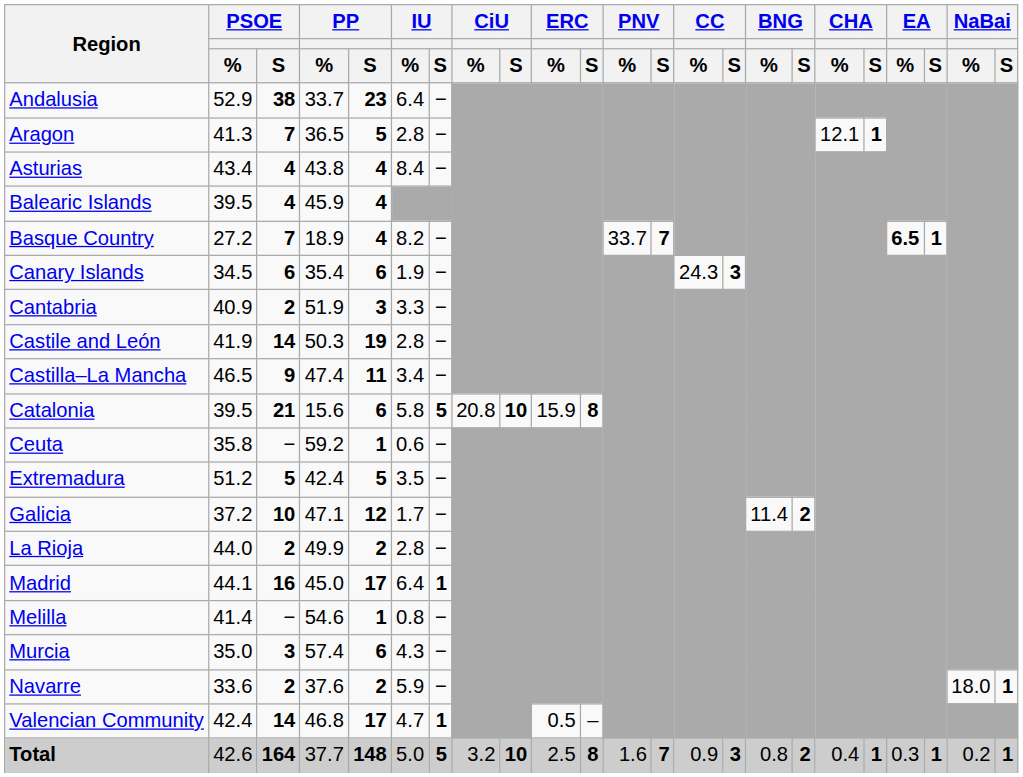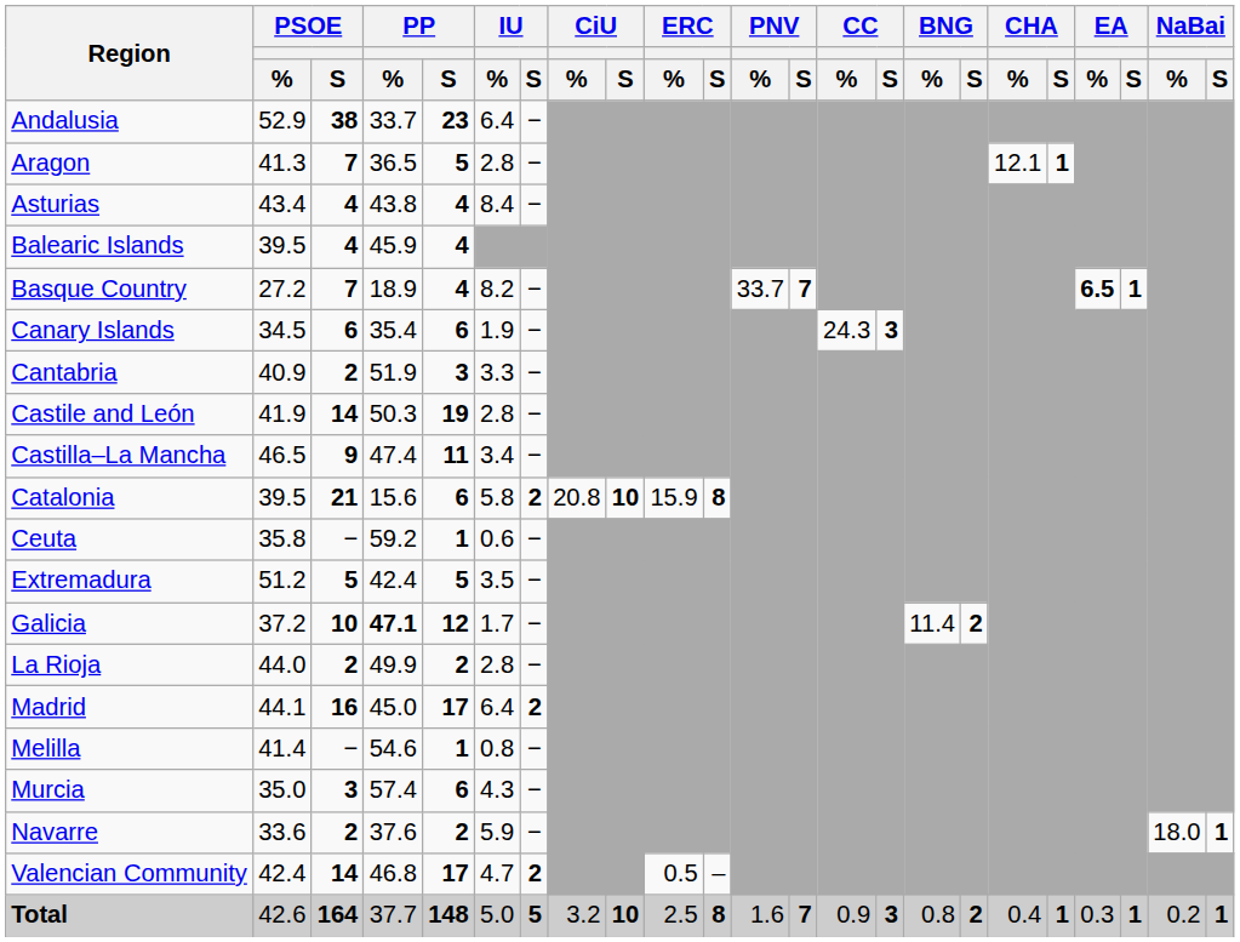 <table class="wikitable sortable" style="text-align:right; line-height:20px;">
 <tr>
 <th rowspan="3">Region</th>
 <th colspan="2" width="30px" class="unsortable"><a href='#'>PSOE</a></th>
 <th colspan="2" width="30px" class="unsortable"><a href='#'>PP</a></th>
 <th colspan="2" width="30px" class="unsortable"><a href='#'>IU</a></th>
 <th colspan="2" width="30px" class="unsortable"><a href='#'>CiU</a></th>
 <th colspan="2" width="30px" class="unsortable"><a href='#'>ERC</a></th>
 <th colspan="2" width="30px" class="unsortable"><a href='#'>PNV</a></th>
 <th colspan="2" width="30px" class="unsortable"><a href='#'>CC</a></th>
 <th colspan="2" width="30px" class="unsortable"><a href='#'>BNG</a></th>
 <th colspan="2" width="30px" class="unsortable"><a href='#'>CHA</a></th>
 <th colspan="2" width="30px" class="unsortable"><a href='#'>EA</a></th>
 <th colspan="2" width="30px" class="unsortable"><a href='#'>NaBai</a></th>
 </tr>
 <tr>
 <th colspan="2" style="background:"></th>
 <th colspan="2" style="background:"></th>
 <th colspan="2" style="background:"></th>
 <th colspan="2" style="background:"></th>
 <th colspan="2" style="background:"></th>
 <th colspan="2" style="background:"></th>
 <th colspan="2" style="background:"></th>
 <th colspan="2" style="background:"></th>
 <th colspan="2" style="background:"></th>
 <th colspan="2" style="background:"></th>
 <th colspan="2" style="background:"></th>
 </tr>
 <tr>
 <th data-sort-type="number">%</th>
 <th data-sort-type="number">S</th>
 <th data-sort-type="number">%</th>
 <th data-sort-type="number">S</th>
 <th data-sort-type="number">%</th>
 <th data-sort-type="number">S</th>
 <th data-sort-type="number">%</th>
 <th data-sort-type="number">S</th>
 <th data-sort-type="number">%</th>
 <th data-sort-type="number">S</th>
 <th data-sort-type="number">%</th>
 <th data-sort-type="number">S</th>
 <th data-sort-type="number">%</th>
 <th data-sort-type="number">S</th>
 <th data-sort-type="number">%</th>
 <th data-sort-type="number">S</th>
 <th data-sort-type="number">%</th>
 <th data-sort-type="number">S</th>
 <th data-sort-type="number">%</th>
 <th data-sort-type="number">S</th>
 <th data-sort-type="number">%</th>
 <th data-sort-type="number">S</th>
 </tr>
 <tr>
 <td align="left"><a href='#'>Andalusia</a></td>
 <td style="background:">52.9</td>
 <td><strong>38</strong></td>
 <td>33.7</td>
 <td><strong>23</strong></td>
 <td>6.4</td>
 <td>−</td>
 <td colspan="2" rowspan="9" bgcolor="#AAAAAA"></td>
 <td colspan="2" rowspan="9" bgcolor="#AAAAAA"></td>
 <td colspan="2" rowspan="4" bgcolor="#AAAAAA"></td>
 <td colspan="2" rowspan="5" bgcolor="#AAAAAA"></td>
 <td colspan="2" rowspan="12" bgcolor="#AAAAAA"></td>
 <td colspan="2" bgcolor="#AAAAAA"></td>
 <td colspan="2" rowspan="4" bgcolor="#AAAAAA"></td>
 <td colspan="2" rowspan="17" bgcolor="#AAAAAA"></td>
 </tr>
 <tr>
 <td align="left"><a href='#'>Aragon</a></td>
 <td style="background:">41.3</td>
 <td><strong>7</strong></td>
 <td>36.5</td>
 <td><strong>5</strong></td>
 <td>2.8</td>
 <td>−</td>
 <td>12.1</td>
 <td><strong>1</strong></td>
 </tr>
 <tr>
 <td align="left"><a href='#'>Asturias</a></td>
 <td>43.4</td>
 <td><strong>4</strong></td>
 <td style="background:">43.8</td>
 <td><strong>4</strong></td>
 <td>8.4</td>
 <td>−</td>
 <td colspan="2" rowspan="17" bgcolor="#AAAAAA"></td>
 </tr>
 <tr>
 <td align="left"><a href='#'>Balearic Islands</a></td>
 <td>39.5</td>
 <td><strong>4</strong></td>
 <td style="background:">45.9</td>
 <td><strong>4</strong></td>
 <td colspan="2" bgcolor="#AAAAAA"></td>
 </tr>
 <tr>
 <td align="left"><a href='#'>Basque Country</a></td>
 <td>27.2</td>
 <td><strong>7</strong></td>
 <td>18.9</td>
 <td><strong>4</strong></td>
 <td>8.2</td>
 <td>−</td>
 <td style="background:">33.7</td>
 <td><strong>7</strong></td>
 <td><strong>6.5</strong></td>
 <td><strong>1</strong></td>
 </tr>
 <tr>
 <td align="left"><a href='#'>Canary Islands</a></td>
 <td>34.5</td>
 <td><strong>6</strong></td>
 <td style="background:">35.4</td>
 <td><strong>6</strong></td>
 <td>1.9</td>
 <td>−</td>
 <td colspan="2" rowspan="14" bgcolor="#AAAAAA"></td>
 <td>24.3</td>
 <td><strong>3</strong></td>
 <td colspan="2" rowspan="14" bgcolor="#AAAAAA"></td>
 </tr>
 <tr>
 <td align="left"><a href='#'>Cantabria</a></td>
 <td>40.9</td>
 <td><strong>2</strong></td>
 <td style="background:">51.9</td>
 <td><strong>3</strong></td>
 <td>3.3</td>
 <td>−</td>
 <td colspan="2" rowspan="13" bgcolor="#AAAAAA"></td>
 </tr>
 <tr>
 <td align="left"><a href='#'>Castile and León</a></td>
 <td>41.9</td>
 <td><strong>14</strong></td>
 <td style="background:">50.3</td>
 <td><strong>19</strong></td>
 <td>2.8</td>
 <td>−</td>
 </tr>
 <tr>
 <td align="left"><a href='#'>Castilla–La Mancha</a></td>
 <td>46.5</td>
 <td><strong>9</strong></td>
 <td style="background:">47.4</td>
 <td><strong>11</strong></td>
 <td>3.4</td>
 <td>−</td>
 </tr>
 <tr>
 <td align="left"><a href='#'>Catalonia</a></td>
 <td style="background:">39.5</td>
 <td><strong>21</strong></td>
 <td>15.6</td>
 <td><strong>6</strong></td>
 <td>5.8</td>
-<td><strong>5</strong></td>
+<td><strong>2</strong></td>
 <td>20.8</td>
 <td><strong>10</strong></td>
 <td>15.9</td>
 <td><strong>8</strong></td>
 </tr>
 <tr>
 <td align="left"><a href='#'>Ceuta</a></td>
 <td>35.8</td>
 <td>−</td>
 <td style="background:">59.2</td>
 <td><strong>1</strong></td>
 <td>0.6</td>
 <td>−</td>
 <td colspan="2" rowspan="9" bgcolor="#AAAAAA"></td>
 <td colspan="2" rowspan="8" bgcolor="#AAAAAA"></td>
 </tr>
 <tr>
 <td align="left"><a href='#'>Extremadura</a></td>
 <td style="background:">51.2</td>
 <td><strong>5</strong></td>
 <td>42.4</td>
 <td><strong>5</strong></td>
 <td>3.5</td>
 <td>−</td>
 </tr>
 <tr>
 <td align="left"><a href='#'>Galicia</a></td>
 <td>37.2</td>
 <td><strong>10</strong></td>
-<td style="background:">47.1</td>
+<td style="background:"><strong>47.1</strong></td>
 <td><strong>12</strong></td>
 <td>1.7</td>
 <td>−</td>
 <td>11.4</td>
 <td><strong>2</strong></td>
 </tr>
 <tr>
 <td align="left"><a href='#'>La Rioja</a></td>
 <td>44.0</td>
 <td><strong>2</strong></td>
 <td style="background:">49.9</td>
 <td><strong>2</strong></td>
 <td>2.8</td>
 <td>−</td>
 <td colspan="2" rowspan="6" bgcolor="#AAAAAA"></td>
 </tr>
 <tr>
 <td align="left"><a href='#'>Madrid</a></td>
 <td>44.1</td>
 <td><strong>16</strong></td>
 <td style="background:">45.0</td>
 <td><strong>17</strong></td>
 <td>6.4</td>
-<td><strong>1</strong></td>
+<td><strong>2</strong></td>
 </tr>
 <tr>
 <td align="left"><a href='#'>Melilla</a></td>
 <td>41.4</td>
 <td>−</td>
 <td style="background:">54.6</td>
 <td><strong>1</strong></td>
 <td>0.8</td>
 <td>−</td>
 </tr>
 <tr>
 <td align="left"><a href='#'>Murcia</a></td>
 <td>35.0</td>
 <td><strong>3</strong></td>
 <td style="background:">57.4</td>
 <td><strong>6</strong></td>
 <td>4.3</td>
 <td>−</td>
 </tr>
 <tr>
 <td align="left"><a href='#'>Navarre</a></td>
 <td>33.6</td>
 <td><strong>2</strong></td>
 <td style="background:">37.6</td>
 <td><strong>2</strong></td>
 <td>5.9</td>
 <td>−</td>
 <td>18.0</td>
 <td><strong>1</strong></td>
 </tr>
 <tr>
 <td align="left"><a href='#'>Valencian Community</a></td>
 <td>42.4</td>
 <td><strong>14</strong></td>
 <td style="background:">46.8</td>
 <td><strong>17</strong></td>
 <td>4.7</td>
-<td><strong>1</strong></td>
+<td><strong>2</strong></td>
 <td>0.5</td>
 <td>–</td>
 <td colspan="2" bgcolor="#AAAAAA"></td>
 </tr>
 <tr style="background:#CDCDCD;">
 <td align="left"><strong>Total</strong></td>
 <td style="background:">42.6</td>
 <td><strong>164</strong></td>
 <td>37.7</td>
 <td><strong>148</strong></td>
 <td>5.0</td>
 <td><strong>5</strong></td>
 <td>3.2</td>
 <td><strong>10</strong></td>
 <td>2.5</td>
 <td><strong>8</strong></td>
 <td>1.6</td>
 <td><strong>7</strong></td>
 <td>0.9</td>
 <td><strong>3</strong></td>
 <td>0.8</td>
 <td><strong>2</strong></td>
 <td>0.4</td>
 <td><strong>1</strong></td>
 <td>0.3</td>
 <td><strong>1</strong></td>
 <td>0.2</td>
 <td><strong>1</strong></td>
 </tr>
 </table>
